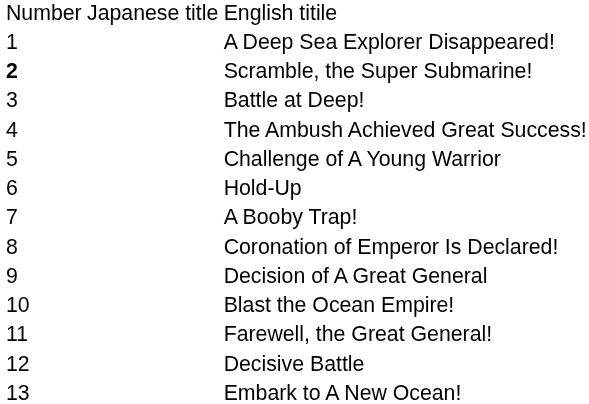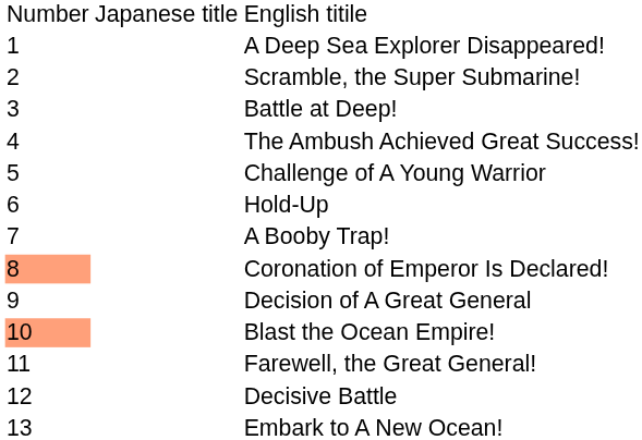 <table>
 <tr>
 <td>Number</td>
 <td>Japanese title</td>
 <td>English titile</td>
 </tr>
 <tr>
 <td>1</td>
 <td></td>
 <td>A Deep Sea Explorer Disappeared!</td>
 </tr>
 <tr>
-<td><strong>2</strong></td>
+<td>2</td>
 <td></td>
 <td>Scramble, the Super Submarine!</td>
 </tr>
 <tr>
 <td>3</td>
 <td></td>
 <td>Battle at  Deep!</td>
 </tr>
 <tr>
 <td>4</td>
 <td></td>
 <td>The Ambush Achieved Great Success!</td>
 </tr>
 <tr>
 <td>5</td>
 <td></td>
 <td>Challenge of A Young Warrior</td>
 </tr>
 <tr>
 <td>6</td>
 <td></td>
 <td>Hold-Up</td>
 </tr>
 <tr>
 <td>7</td>
 <td></td>
 <td>A Booby Trap!</td>
 </tr>
 <tr>
-<td>8</td>
+<td style="background: lightsalmon;">8</td>
 <td></td>
 <td>Coronation of Emperor Is Declared!</td>
 </tr>
 <tr>
 <td>9</td>
 <td></td>
 <td>Decision of A Great General</td>
 </tr>
 <tr>
-<td>10</td>
+<td style="background: lightsalmon;">10</td>
 <td></td>
 <td>Blast the Ocean Empire!</td>
 </tr>
 <tr>
 <td>11</td>
 <td></td>
 <td>Farewell, the Great General!</td>
 </tr>
 <tr>
 <td>12</td>
 <td></td>
 <td>Decisive Battle</td>
 </tr>
 <tr>
 <td>13</td>
 <td></td>
 <td>Embark to A New Ocean!</td>
 </tr>
 </table>
